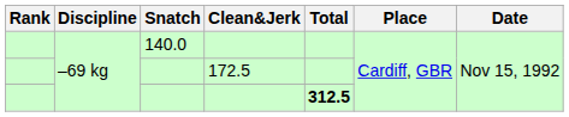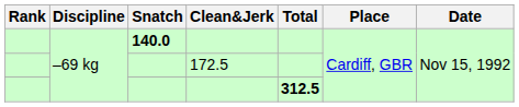 <table class="wikitable">
 <tr>
 <th>Rank</th>
 <th>Discipline</th>
 <th>Snatch</th>
 <th>Clean&Jerk</th>
 <th>Total</th>
 <th>Place</th>
 <th>Date</th>
 </tr>
 <tr bgcolor=#CCFFCC>
 <td></td>
 <td rowspan=3>–69 kg</td>
-<td>140.0</td>
+<td><strong>140.0</strong></td>
 <td></td>
 <td></td>
 <td rowspan=3><a href='#'>Cardiff</a>, <a href='#'>GBR</a></td>
 <td rowspan=3>Nov 15, 1992</td>
 </tr>
 <tr bgcolor=#CCFFCC>
 <td></td>
 <td></td>
 <td>172.5</td>
 <td></td>
 </tr>
 <tr bgcolor=#CCFFCC>
 <td><strong></strong></td>
 <td></td>
 <td></td>
 <td><strong>312.5</strong></td>
 </tr>
 </table>
